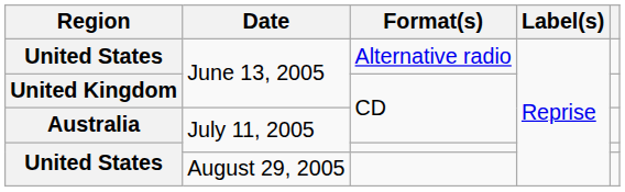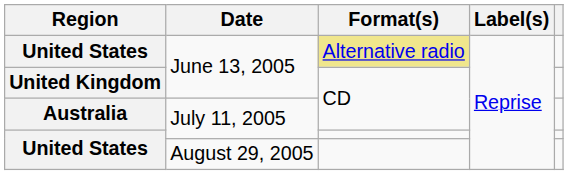 <table class="wikitable plainrowheaders">
 <tr>
 <th scope="col">Region</th>
 <th scope="col">Date</th>
 <th scope="col">Format(s)</th>
 <th scope="col">Label(s)</th>
 <th scope="col"></th>
 </tr>
 <tr>
 <th scope="row">United States</th>
 <td rowspan="2">June 13, 2005</td>
-<td><a href='#'>Alternative radio</a></td>
+<td style="background: khaki;"><a href='#'>Alternative radio</a></td>
 <td rowspan="5"><a href='#'>Reprise</a></td>
 <td align="center"></td>
 </tr>
 <tr>
 <th scope="row">United Kingdom</th>
 <td rowspan="2">CD</td>
 <td align="center"></td>
 </tr>
 <tr>
 <th scope="row">Australia</th>
 <td rowspan="2">July 11, 2005</td>
 <td align="center"></td>
 </tr>
 <tr>
 <th scope="row" rowspan="2">United States</th>
 <td></td>
 <td align="center"></td>
 </tr>
 <tr>
 <td>August 29, 2005</td>
 <td></td>
 <td align="center"></td>
 </tr>
 </table>
